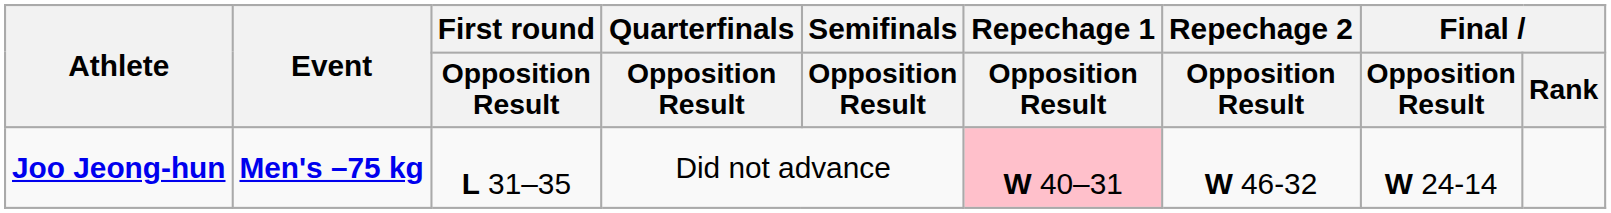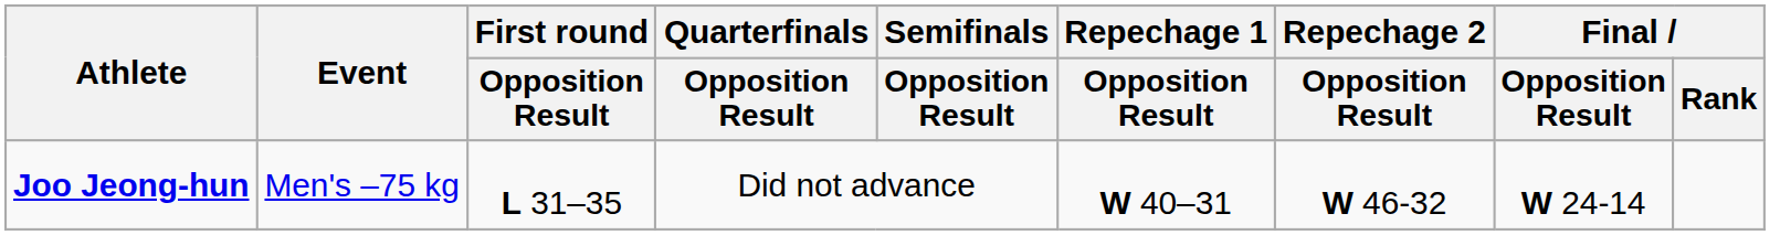 <table class="wikitable" style="font-size:90%;">
 <tr>
 <th rowspan=2>Athlete</th>
 <th rowspan=2>Event</th>
 <th>First round</th>
 <th>Quarterfinals</th>
 <th>Semifinals</th>
 <th>Repechage 1</th>
 <th>Repechage 2</th>
 <th colspan=2>Final / </th>
 </tr>
 <tr style="font-size:95%">
 <th>Opposition<br>Result</th>
 <th>Opposition<br>Result</th>
 <th>Opposition<br>Result</th>
 <th>Opposition<br>Result</th>
 <th>Opposition<br>Result</th>
 <th>Opposition<br>Result</th>
 <th>Rank</th>
 </tr>
 <tr align=center>
 <td align=left><strong><a href='#'>Joo Jeong-hun</a></strong></td>
-<td align=left><strong><a href='#'>Men's –75 kg</a></strong></td>
+<td align=left><a href='#'>Men's –75 kg</a></td>
 <td><br> <strong>L</strong> 31–35</td>
 <td colspan=2>Did not advance</td>
-<td style="background: pink;"><br> <strong>W</strong> 40–31</td>
+<td><br> <strong>W</strong> 40–31</td>
 <td><br> <strong>W</strong> 46-32</td>
 <td><br> <strong>W</strong> 24-14</td>
 <td></td>
 </tr>
 </table>
